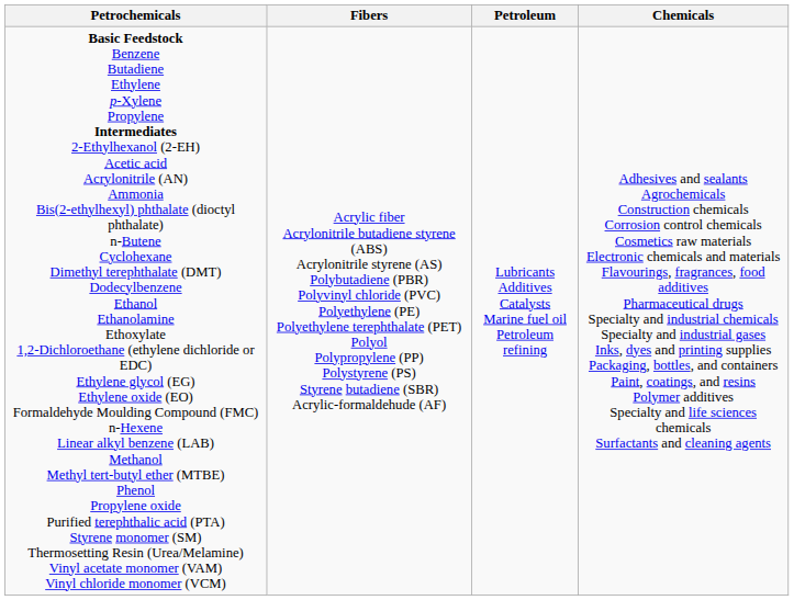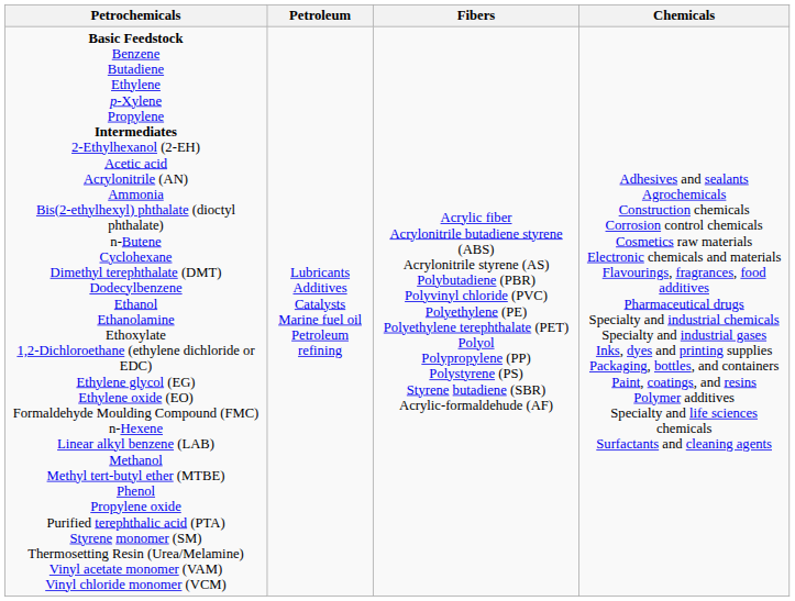 <table class="wikitable" style="width:678pt;">
 <tr>
 <th>Petrochemicals</th>
+<th>Petroleum</th>
 <th>Fibers</th>
-<th>Petroleum</th>
 <th>Chemicals</th>
 </tr>
 <tr>
 <td style="text-align:center;"><strong>Basic Feedstock</strong><br><a href='#'>Benzene</a><br><a href='#'>Butadiene</a><br><a href='#'>Ethylene</a><br><a href='#'><em>p</em>-Xylene</a><br><a href='#'>Propylene</a><br><strong>Intermediates</strong><br><a href='#'>2-Ethylhexanol</a> (2-EH)<br><a href='#'>Acetic acid</a><br><a href='#'>Acrylonitrile</a> (AN)<br><a href='#'>Ammonia</a><br><a href='#'>Bis(2-ethylhexyl) phthalate</a> (dioctyl phthalate)<br>n-<a href='#'>Butene</a><br><a href='#'>Cyclohexane</a><br><a href='#'>Dimethyl terephthalate</a> (DMT)<br> <a href='#'>Dodecylbenzene</a><br><a href='#'>Ethanol</a><br><a href='#'>Ethanolamine</a><br>Ethoxylate<br><a href='#'>1,2-Dichloroethane</a> (ethylene dichloride or EDC)<br><a href='#'>Ethylene glycol</a> (EG)<br><a href='#'>Ethylene oxide</a> (EO)<br>Formaldehyde Moulding Compound (FMC)<br>n-<a href='#'>Hexene</a><br><a href='#'>Linear alkyl benzene</a> (LAB)<br><a href='#'>Methanol</a><br><a href='#'>Methyl tert-butyl ether</a> (MTBE) <br><a href='#'>Phenol</a><br><a href='#'>Propylene oxide</a><br>Purified <a href='#'>terephthalic acid</a> (PTA)<br><a href='#'>Styrene</a> <a href='#'>monomer</a> (SM)<br>Thermosetting Resin (Urea/Melamine)<br><a href='#'>Vinyl acetate monomer</a> (VAM)<br><a href='#'>Vinyl chloride monomer</a> (VCM)</td>
+<td style="text-align:center;"><a href='#'>Lubricants</a><br><a href='#'>Additives</a><br><a href='#'>Catalysts</a><br> <a href='#'>Marine fuel oil</a><br><a href='#'>Petroleum refining</a></td>
 <td style="text-align:center;"><a href='#'>Acrylic fiber</a><br><a href='#'>Acrylonitrile butadiene styrene</a> (ABS)<br>Acrylonitrile styrene (AS)<br><a href='#'>Polybutadiene</a> (PBR)<br><a href='#'>Polyvinyl chloride</a> (PVC)<br><a href='#'>Polyethylene</a> (PE) <br><a href='#'>Polyethylene terephthalate</a> (PET)<br><a href='#'>Polyol</a><br><a href='#'>Polypropylene</a> (PP)<br><a href='#'>Polystyrene</a> (PS)<br><a href='#'>Styrene</a> <a href='#'>butadiene</a> (SBR)<br>Acrylic-formaldehude (AF)</td>
-<td style="text-align:center;"><a href='#'>Lubricants</a><br><a href='#'>Additives</a><br><a href='#'>Catalysts</a><br> <a href='#'>Marine fuel oil</a><br><a href='#'>Petroleum refining</a></td>
 <td style="text-align:center;"><a href='#'>Adhesives</a> and <a href='#'>sealants</a><br><a href='#'>Agrochemicals</a><br><a href='#'>Construction</a> chemicals<br><a href='#'>Corrosion</a> control chemicals<br><a href='#'>Cosmetics</a> raw materials<br><a href='#'>Electronic</a> chemicals and materials<br><a href='#'>Flavourings</a>, <a href='#'>fragrances</a>, <a href='#'>food additives</a><br><a href='#'>Pharmaceutical drugs</a><br>Specialty and <a href='#'>industrial chemicals</a><br>Specialty and <a href='#'>industrial gases</a><br><a href='#'>Inks</a>, <a href='#'>dyes</a> and <a href='#'>printing</a> supplies<br><a href='#'>Packaging</a>, <a href='#'>bottles</a>, and containers<br><a href='#'>Paint</a>, <a href='#'>coatings</a>, and <a href='#'>resins</a><br> <a href='#'>Polymer</a> additives<br>Specialty and <a href='#'>life sciences</a> chemicals<br><a href='#'>Surfactants</a> and <a href='#'>cleaning agents</a></td>
 </tr>
 </table>
